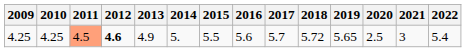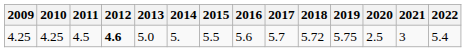 <table class="wikitable">
 <tr>
 <th>2009</th>
 <th>2010</th>
 <th>2011</th>
 <th>2012</th>
 <th>2013</th>
 <th>2014</th>
 <th>2015</th>
 <th>2016</th>
 <th>2017</th>
 <th>2018</th>
 <th>2019</th>
 <th>2020</th>
 <th>2021</th>
 <th>2022</th>
 </tr>
 <tr>
 <td>4.25</td>
 <td>4.25</td>
-<td style="background: lightsalmon;">4.5</td>
+<td>4.5</td>
 <td><strong>4.6</strong></td>
-<td>4.9</td>
+<td>5.0</td>
 <td>5.</td>
 <td>5.5</td>
 <td>5.6</td>
 <td>5.7</td>
 <td>5.72</td>
-<td>5.65</td>
+<td>5.75</td>
 <td>2.5</td>
 <td>3</td>
 <td>5.4</td>
 </tr>
 </table>
